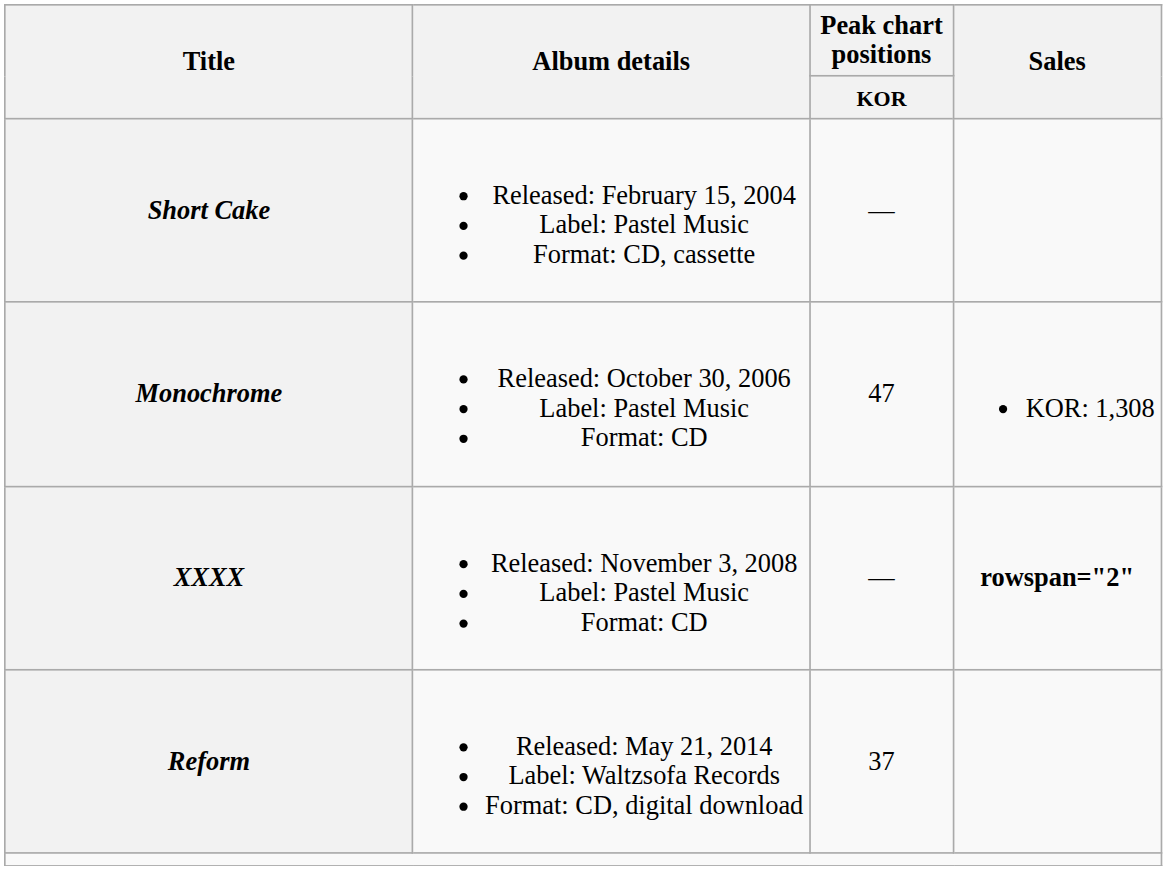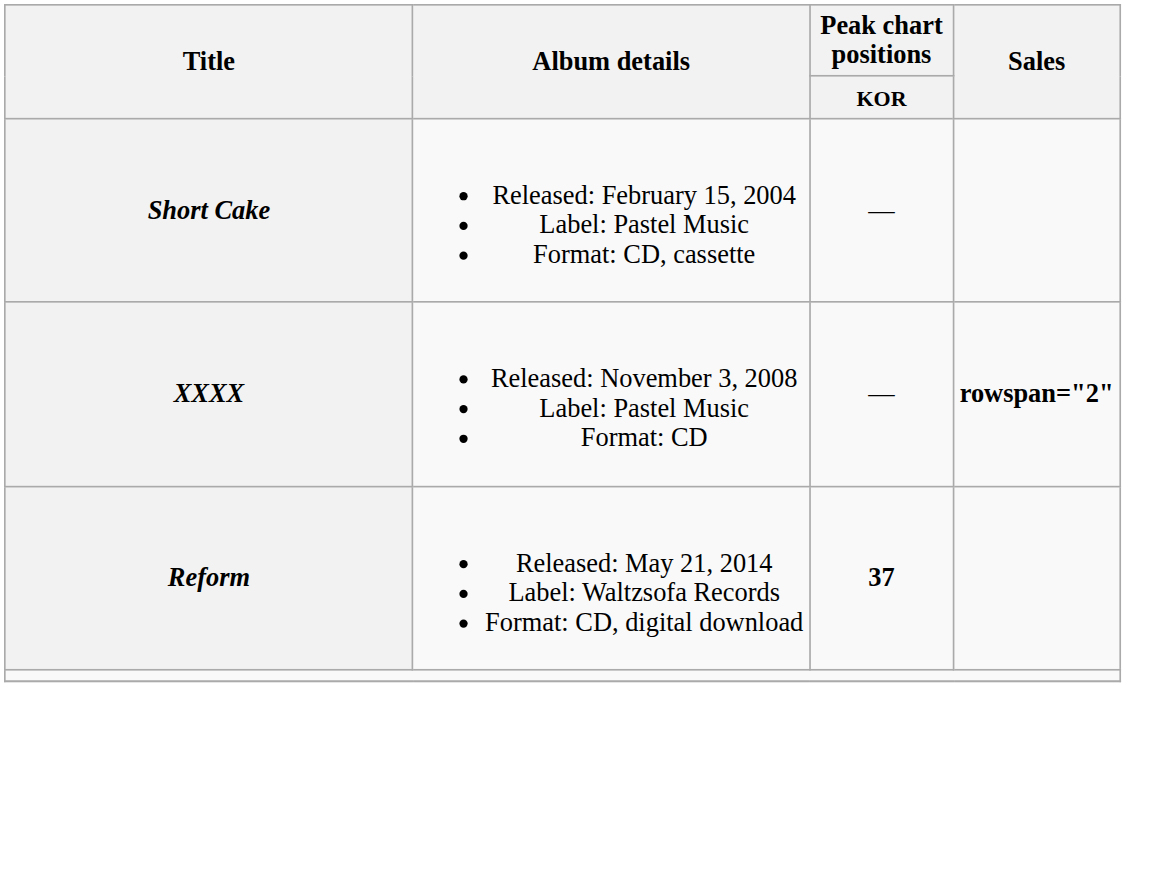 <table class="wikitable plainrowheaders" style="text-align:center;">
 <tr>
 <th rowspan="2" scope="col" style="width:15em;">Title</th>
 <th rowspan="2" scope="col">Album details</th>
 <th colspan="1" scope="col" style="width:5em;">Peak chart positions</th>
 <th rowspan="2" scope="col">Sales</th>
 </tr>
 <tr>
 <th><small>KOR</small><br></th>
 </tr>
 <tr>
 <th scope="row"><em>Short Cake</em></th>
 <td><br><ul><li>Released: February 15, 2004</li><li>Label: Pastel Music</li><li>Format: CD, cassette</li></ul></td>
 <td>—</td>
 <td></td>
 </tr>
 <tr>
-<th scope="row"><em>Monochrome</em></th>
-<td><br><ul><li>Released: October 30, 2006</li><li>Label: Pastel Music</li><li>Format: CD</li></ul></td>
-<td>47</td>
-<td><br><ul><li>KOR: 1,308</li></ul></td>
-</tr>
-<tr>
 <th scope="row"><em>XXXX</em></th>
 <td><br><ul><li>Released: November 3, 2008</li><li>Label: Pastel Music</li><li>Format: CD</li></ul></td>
 <td>—</td>
 <td><strong>rowspan="2" </strong></td>
 </tr>
 <tr>
 <th scope="row"><em>Reform</em></th>
 <td><br><ul><li>Released: May 21, 2014</li><li>Label: Waltzsofa Records</li><li>Format: CD, digital download</li></ul></td>
-<td>37</td>
+<td><strong>37</strong></td>
 </tr>
 <tr>
 <td colspan="4"></td>
 </tr>
 <tr>
 </tr>
 </table>
